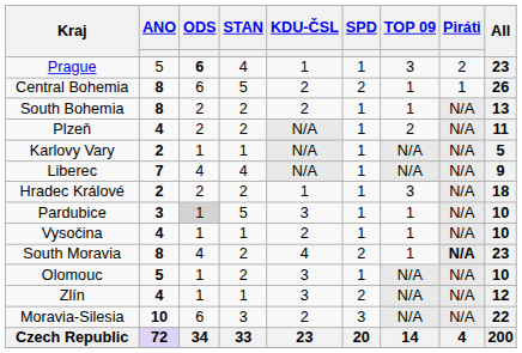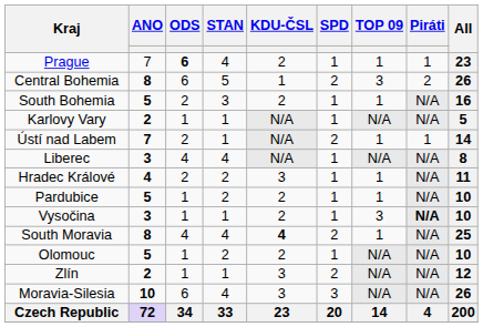 <table class="wikitable sortable" style="text-align:center; font-size:90%; line-height:13px;">
 <tr style="height:42px;">
 <th style="width:120px;" rowspan="2">Kraj</th>
 <th><a href='#'><span>ANO</span></a></th>
 <th><a href='#'><span>ODS</span></a></th>
 <th><a href='#'><span>STAN</span></a></th>
 <th><a href='#'><span>KDU-ČSL</span></a></th>
 <th><a href='#'><span>SPD</span></a></th>
 <th><a href='#'><span>TOP 09</span></a></th>
 <th><a href='#'><span>Piráti</span></a></th>
 <th style="width:20px;" rowspan="2">All</th>
 </tr>
 <tr>
 <th class="unsortable" style="color:inherit;background:"></th>
 <th class="unsortable" style="color:inherit;background:"></th>
 <th class="unsortable" style="color:inherit;background:"></th>
 <th class="unsortable" style="color:inherit;background:"></th>
 <th class="unsortable" style="color:inherit;background:"></th>
 <th class="unsortable" style="color:inherit;background:"></th>
 <th class="unsortable" style="color:inherit;background:"></th>
 </tr>
 <tr>
 <td><a href='#'>Prague</a></td>
-<td>5</td>
+<td>7</td>
 <td><strong>6</strong></td>
 <td>4</td>
+<td>2</td>
 <td>1</td>
 <td>1</td>
-<td>3</td>
-<td>2</td>
+<td>1</td>
 <th>23</th>
 </tr>
 <tr>
 <td>Central Bohemia</td>
 <td><strong>8</strong></td>
 <td>6</td>
 <td>5</td>
+<td>1</td>
 <td>2</td>
+<td>3</td>
 <td>2</td>
-<td>1</td>
-<td>1</td>
 <th>26</th>
 </tr>
 <tr>
 <td>South Bohemia</td>
-<td><strong>8</strong></td>
+<td><strong>5</strong></td>
 <td>2</td>
-<td>2</td>
+<td>3</td>
 <td>2</td>
 <td>1</td>
 <td>1</td>
 <td style="background:#E9E9E9;">N/A</td>
-<th>13</th>
-</tr>
-<tr>
-<td>Plzeň</td>
-<td><strong>4</strong></td>
-<td>2</td>
-<td>2</td>
-<td style="background:#E9E9E9;">N/A</td>
-<td>1</td>
-<td>2</td>
-<td style="background:#E9E9E9;">N/A</td>
-<th>11</th>
+<th>16</th>
 </tr>
 <tr>
 <td>Karlovy Vary</td>
 <td><strong>2</strong></td>
 <td>1</td>
 <td>1</td>
 <td style="background:#E9E9E9;">N/A</td>
 <td>1</td>
 <td style="background:#E9E9E9;">N/A</td>
 <td style="background:#E9E9E9;">N/A</td>
 <th>5</th>
 </tr>
 <tr>
+<td>Ústí nad Labem</td>
+<td><strong>7</strong></td>
+<td>2</td>
+<td>1</td>
+<td style="background:#E9E9E9;">N/A</td>
+<td>2</td>
+<td>1</td>
+<td>1</td>
+<th>14</th>
+</tr>
+<tr>
 <td>Liberec</td>
-<td><strong>7</strong></td>
+<td><strong>3</strong></td>
 <td>4</td>
 <td>4</td>
 <td style="background:#E9E9E9;">N/A</td>
 <td>1</td>
 <td style="background:#E9E9E9;">N/A</td>
 <td style="background:#E9E9E9;">N/A</td>
-<th>9</th>
+<th>8</th>
 </tr>
 <tr>
 <td>Hradec Králové</td>
-<td><strong>2</strong></td>
+<td><strong>4</strong></td>
 <td>2</td>
 <td>2</td>
+<td>3</td>
 <td>1</td>
 <td>1</td>
-<td>3</td>
 <td style="background:#E9E9E9;">N/A</td>
-<th>18</th>
+<th>11</th>
 </tr>
 <tr>
 <td>Pardubice</td>
-<td><strong>3</strong></td>
-<td style="background: lightgrey;">1</td>
-<td>5</td>
-<td>3</td>
+<td><strong>5</strong></td>
+<td>1</td>
+<td>2</td>
+<td>2</td>
 <td>1</td>
 <td>1</td>
 <td style="background:#E9E9E9;">N/A</td>
 <th>10</th>
 </tr>
 <tr>
 <td>Vysočina</td>
-<td><strong>4</strong></td>
+<td><strong>3</strong></td>
 <td>1</td>
 <td>1</td>
 <td>2</td>
 <td>1</td>
-<td>1</td>
-<td style="background:#E9E9E9;">N/A</td>
+<td>3</td>
+<td style="background:#E9E9E9;"><strong>N/A</strong></td>
 <th>10</th>
 </tr>
 <tr>
 <td>South Moravia</td>
 <td><strong>8</strong></td>
 <td>4</td>
-<td>2</td>
 <td>4</td>
+<td><strong>4</strong></td>
 <td>2</td>
 <td>1</td>
-<td style="background:#E9E9E9;"><strong>N/A</strong></td>
-<th>23</th>
+<td style="background:#E9E9E9;">N/A</td>
+<th>25</th>
 </tr>
 <tr>
 <td>Olomouc</td>
 <td><strong>5</strong></td>
 <td>1</td>
 <td>2</td>
-<td>3</td>
+<td>2</td>
 <td>1</td>
 <td style="background:#E9E9E9;">N/A</td>
 <td style="background:#E9E9E9;">N/A</td>
 <th>10</th>
 </tr>
 <tr>
 <td>Zlín</td>
-<td><strong>4</strong></td>
+<td><strong>2</strong></td>
 <td>1</td>
 <td>1</td>
 <td>3</td>
 <td>2</td>
 <td style="background:#E9E9E9;">N/A</td>
 <td style="background:#E9E9E9;">N/A</td>
 <th>12</th>
 </tr>
 <tr>
 <td>Moravia-Silesia</td>
 <td><strong>10</strong></td>
 <td>6</td>
+<td>4</td>
 <td>3</td>
-<td>2</td>
 <td>3</td>
 <td style="background:#E9E9E9;">N/A</td>
 <td style="background:#E9E9E9;">N/A</td>
-<th>22</th>
+<th>26</th>
 </tr>
 <tr>
 <th>Czech Republic</th>
 <th style="background:#DED3F8;"><strong>72</strong></th>
 <th>34</th>
 <th>33</th>
 <th>23</th>
 <th>20</th>
 <th>14</th>
 <th>4</th>
 <th>200</th>
 </tr>
 <tr>
 </tr>
 </table>
